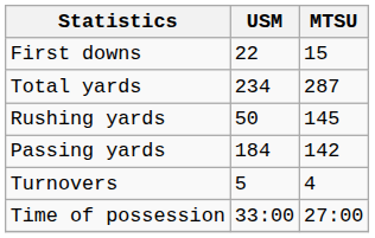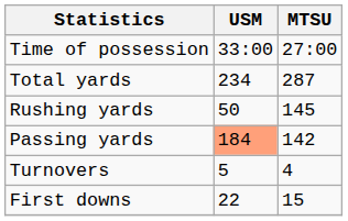 <table class="wikitable">
 <tr>
 <th>Statistics</th>
 <th>USM</th>
 <th>MTSU</th>
 </tr>
 <tr>
-<td>First downs</td>
-<td>22</td>
-<td>15</td>
+<td>Time of possession</td>
+<td>33:00</td>
+<td>27:00</td>
 </tr>
 <tr>
 <td>Total yards</td>
 <td>234</td>
 <td>287</td>
 </tr>
 <tr>
 <td>Rushing yards</td>
 <td>50</td>
 <td>145</td>
 </tr>
 <tr>
 <td>Passing yards</td>
-<td>184</td>
+<td style="background: lightsalmon;">184</td>
 <td>142</td>
 </tr>
 <tr>
 <td>Turnovers</td>
 <td>5</td>
 <td>4</td>
 </tr>
 <tr>
-<td>Time of possession</td>
-<td>33:00</td>
-<td>27:00</td>
+<td>First downs</td>
+<td>22</td>
+<td>15</td>
 </tr>
 <tr>
 </tr>
 </table>
